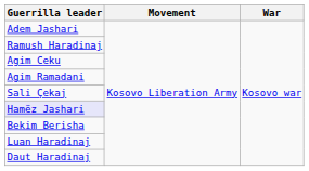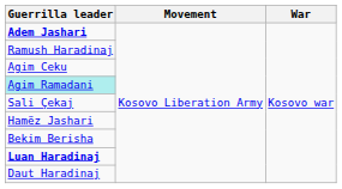 <table class="wikitable">
 <tr>
 <th>Guerrilla leader</th>
 <th>Movement</th>
 <th>War</th>
 </tr>
 <tr>
-<td><a href='#'>Adem Jashari</a></td>
+<td><strong><a href='#'>Adem Jashari</a></strong></td>
 <td rowspan="9"><a href='#'>Kosovo Liberation Army</a></td>
 <td rowspan="9"><a href='#'>Kosovo war</a></td>
 </tr>
 <tr>
 <td><a href='#'>Ramush Haradinaj</a></td>
 </tr>
 <tr>
 <td><a href='#'>Agim Ceku</a></td>
 </tr>
 <tr>
-<td><a href='#'>Agim Ramadani</a></td>
+<td style="background: paleturquoise;"><a href='#'>Agim Ramadani</a></td>
 </tr>
 <tr>
 <td><a href='#'>Sali Çekaj</a></td>
 </tr>
 <tr>
-<td style="background: lavender;"><a href='#'>Hamëz Jashari</a></td>
+<td><a href='#'>Hamëz Jashari</a></td>
 </tr>
 <tr>
 <td><a href='#'>Bekim Berisha</a></td>
 </tr>
 <tr>
-<td><a href='#'>Luan Haradinaj</a></td>
+<td><strong><a href='#'>Luan Haradinaj</a></strong></td>
 </tr>
 <tr>
 <td><a href='#'>Daut Haradinaj</a></td>
 </tr>
 </table>
